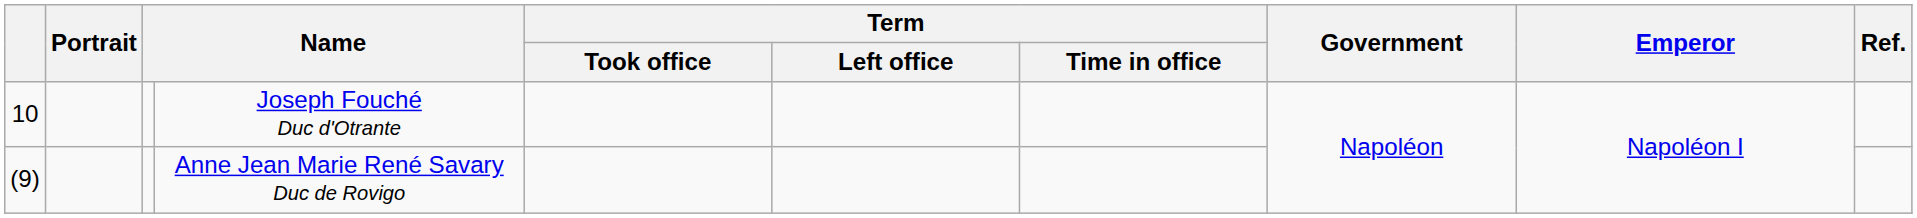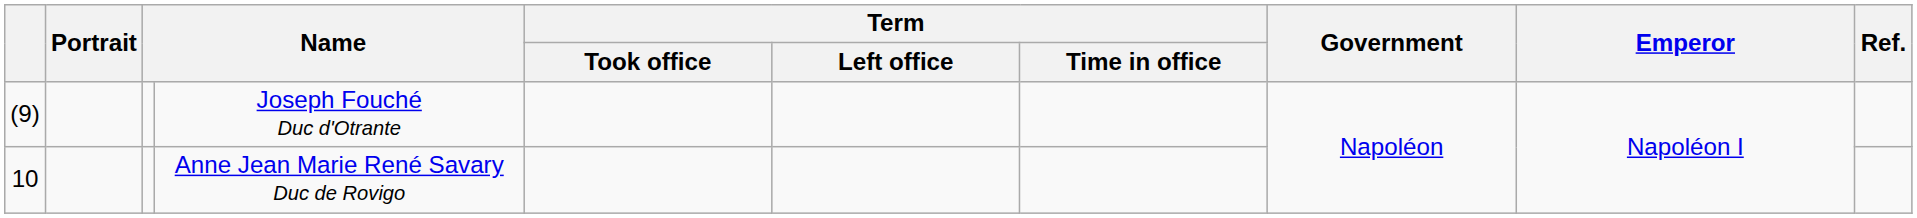 <table class="wikitable" style="text-align:center; width:100%">
 <tr>
 <th style="width:2%" rowspan=2></th>
 <th style="width:5%" rowspan=2>Portrait</th>
 <th style="width:20%" rowspan=2, colspan=2>Name</th>
 <th colspan=3>Term</th>
 <th style="width:13%" rowspan=2>Government</th>
 <th rowspan=2><a href='#'>Emperor</a></th>
 <th style="width:2%" rowspan=2>Ref.</th>
 </tr>
 <tr>
 <th style="width:13%">Took office</th>
 <th style="width:13%">Left office</th>
 <th style="width:13%">Time in office</th>
 </tr>
 <tr>
-<td>10</td>
+<td>(9)</td>
 <td></td>
 <td style="background:"></td>
 <td><a href='#'>Joseph Fouché</a><br><small><em>Duc d'Otrante</em></small></td>
 <td></td>
 <td></td>
 <td></td>
 <td rowspan=2><a href='#'>Napoléon</a></td>
 <td rowspan=2><a href='#'>Napoléon I</a></td>
 <td></td>
 </tr>
 <tr>
-<td>(9)</td>
+<td>10</td>
 <td></td>
 <td style="background:"></td>
 <td><a href='#'>Anne Jean Marie René Savary</a><br><small><em>Duc de Rovigo</em></small></td>
 <td></td>
 <td></td>
 <td></td>
 <td></td>
 </tr>
 </table>
